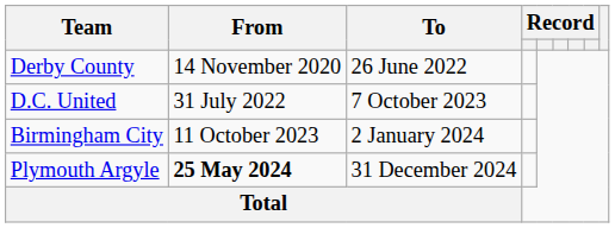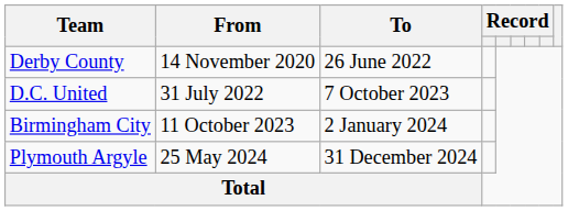 <table class="wikitable" style="text-align:center">
 <tr>
 <th rowspan="2">Team</th>
 <th rowspan="2">From</th>
 <th rowspan="2">To</th>
 <th colspan="5">Record</th>
 <th rowspan="2"></th>
 </tr>
 <tr>
 <th></th>
 <th></th>
 <th></th>
 <th></th>
 <th></th>
 </tr>
 <tr>
 <td align="left"><a href='#'>Derby County</a></td>
 <td align="left">14 November 2020</td>
 <td align="left">26 June 2022<br></td>
 <td></td>
 </tr>
 <tr>
 <td align="left"><a href='#'>D.C. United</a></td>
 <td align="left">31 July 2022</td>
 <td align="left">7 October 2023<br></td>
 <td></td>
 </tr>
 <tr>
 <td align="left"><a href='#'>Birmingham City</a></td>
 <td align="left">11 October 2023</td>
 <td align="left">2 January 2024<br></td>
 <td></td>
 </tr>
 <tr>
 <td align="left"><a href='#'>Plymouth Argyle</a></td>
-<td align="left"><strong>25 May 2024</strong></td>
+<td align="left">25 May 2024</td>
 <td align="left">31 December 2024<br></td>
 <td></td>
 </tr>
 <tr>
 <th colspan="3">Total<br></th>
 </tr>
 </table>
